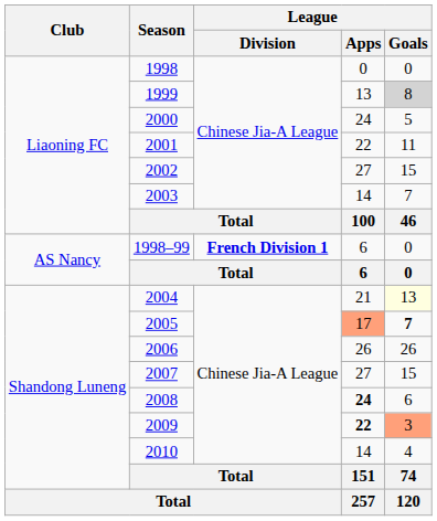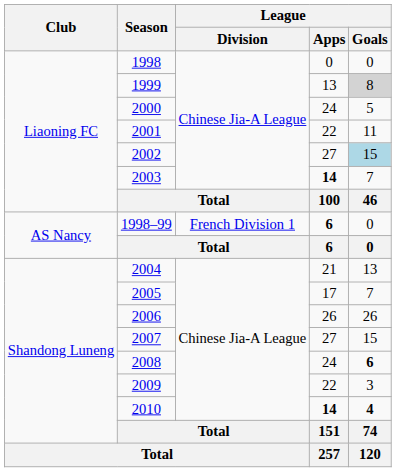 <table class="wikitable" style="text-align: center;">
 <tr>
 <th rowspan=2>Club</th>
 <th rowspan=2>Season</th>
 <th colspan=3>League</th>
 </tr>
 <tr>
 <th>Division</th>
 <th>Apps</th>
 <th>Goals</th>
 </tr>
 <tr>
 <td rowspan=7><a href='#'>Liaoning FC</a></td>
 <td><a href='#'>1998</a></td>
 <td rowspan=6><a href='#'>Chinese Jia-A League</a></td>
 <td>0</td>
 <td>0</td>
 </tr>
 <tr>
 <td><a href='#'>1999</a></td>
 <td>13</td>
 <td style="background: lightgrey;">8</td>
 </tr>
 <tr>
 <td><a href='#'>2000</a></td>
 <td>24</td>
 <td>5</td>
 </tr>
 <tr>
 <td><a href='#'>2001</a></td>
 <td>22</td>
 <td>11</td>
 </tr>
 <tr>
 <td><a href='#'>2002</a></td>
 <td>27</td>
-<td>15</td>
+<td style="background: lightblue;">15</td>
 </tr>
 <tr>
 <td><a href='#'>2003</a></td>
-<td>14</td>
+<td><strong>14</strong></td>
 <td>7</td>
 </tr>
 <tr>
 <th colspan=2>Total</th>
 <th>100</th>
 <th>46</th>
 </tr>
 <tr>
 <td rowspan=2><a href='#'>AS Nancy</a></td>
 <td><a href='#'>1998–99</a></td>
-<td><strong><a href='#'>French Division 1</a></strong></td>
-<td>6</td>
+<td><a href='#'>French Division 1</a></td>
+<td><strong>6</strong></td>
 <td>0</td>
 </tr>
 <tr>
 <th colspan=2>Total</th>
 <th>6</th>
 <th>0</th>
 </tr>
 <tr>
 <td rowspan=8><a href='#'>Shandong Luneng</a></td>
 <td><a href='#'>2004</a></td>
 <td rowspan=7>Chinese Jia-A League</td>
 <td>21</td>
-<td style="background: lightyellow;">13</td>
+<td>13</td>
 </tr>
 <tr>
 <td><a href='#'>2005</a></td>
-<td style="background: lightsalmon;">17</td>
-<td><strong>7</strong></td>
+<td>17</td>
+<td>7</td>
 </tr>
 <tr>
 <td><a href='#'>2006</a></td>
 <td>26</td>
 <td>26</td>
 </tr>
 <tr>
 <td><a href='#'>2007</a></td>
 <td>27</td>
 <td>15</td>
 </tr>
 <tr>
 <td><a href='#'>2008</a></td>
-<td><strong>24</strong></td>
-<td>6</td>
+<td>24</td>
+<td><strong>6</strong></td>
 </tr>
 <tr>
 <td><a href='#'>2009</a></td>
-<td><strong>22</strong></td>
-<td style="background: lightsalmon;">3</td>
+<td>22</td>
+<td>3</td>
 </tr>
 <tr>
 <td><a href='#'>2010</a></td>
-<td>14</td>
-<td>4</td>
+<td><strong>14</strong></td>
+<td><strong>4</strong></td>
 </tr>
 <tr>
 <th colspan=2>Total</th>
 <th>151</th>
 <th>74</th>
 </tr>
 <tr>
 <th colspan=3>Total</th>
 <th>257</th>
 <th>120</th>
 </tr>
 </table>
